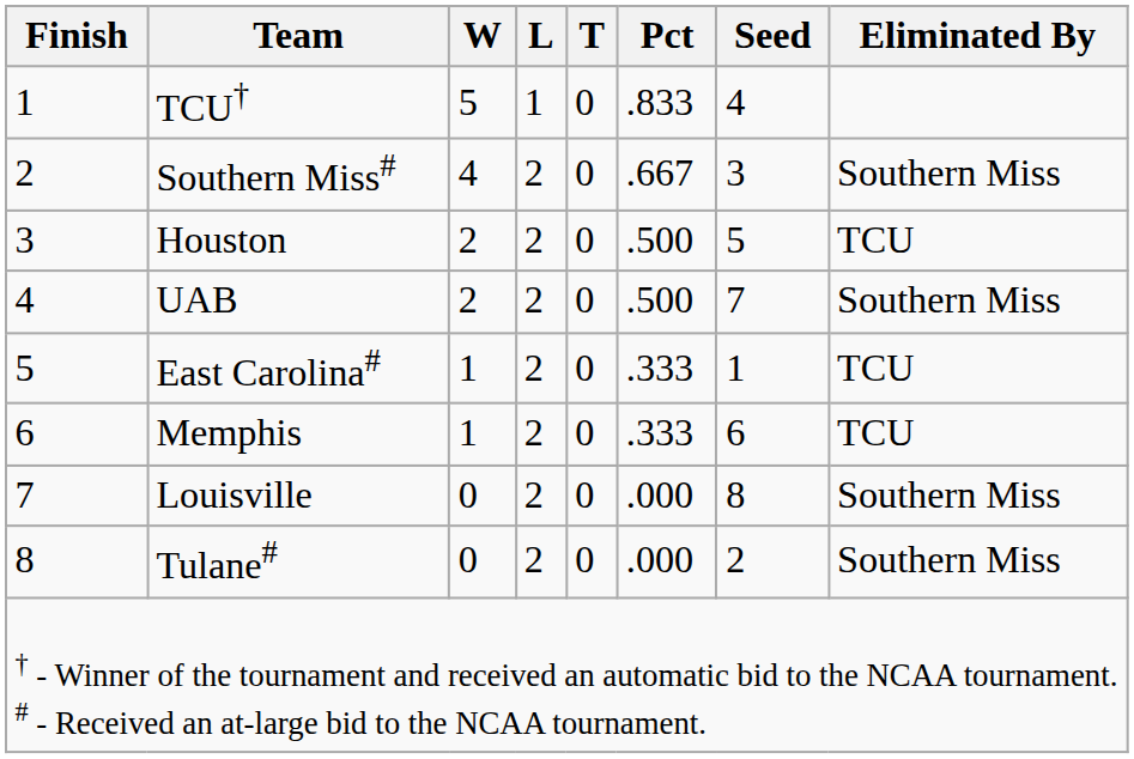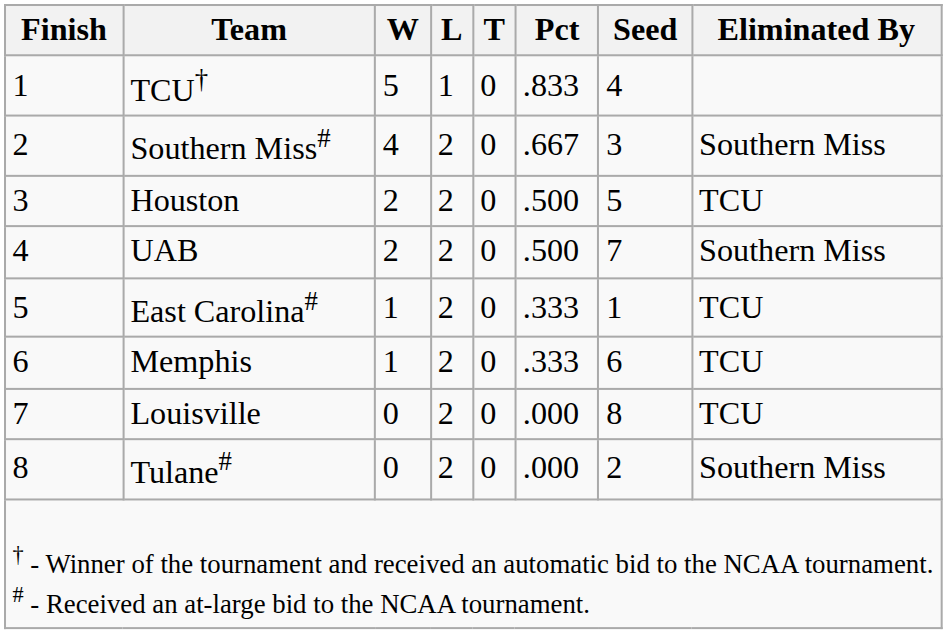 <table class="wikitable sortable">
 <tr>
 <th>Finish</th>
 <th>Team</th>
 <th>W</th>
 <th>L</th>
 <th>T</th>
 <th>Pct</th>
 <th>Seed</th>
 <th>Eliminated By</th>
 </tr>
 <tr>
 <td>1</td>
 <td>TCU<sup>†</sup></td>
 <td>5</td>
 <td>1</td>
 <td>0</td>
 <td>.833</td>
 <td>4</td>
 <td></td>
 </tr>
 <tr>
 <td>2</td>
 <td>Southern Miss<sup>#</sup></td>
 <td>4</td>
 <td>2</td>
 <td>0</td>
 <td>.667</td>
 <td>3</td>
 <td>Southern Miss</td>
 </tr>
 <tr>
 <td>3</td>
 <td>Houston</td>
 <td>2</td>
 <td>2</td>
 <td>0</td>
 <td>.500</td>
 <td>5</td>
 <td>TCU</td>
 </tr>
 <tr>
 <td>4</td>
 <td>UAB</td>
 <td>2</td>
 <td>2</td>
 <td>0</td>
 <td>.500</td>
 <td>7</td>
 <td>Southern Miss</td>
 </tr>
 <tr>
 <td>5</td>
 <td>East Carolina<sup>#</sup></td>
 <td>1</td>
 <td>2</td>
 <td>0</td>
 <td>.333</td>
 <td>1</td>
 <td>TCU</td>
 </tr>
 <tr>
 <td>6</td>
 <td>Memphis</td>
 <td>1</td>
 <td>2</td>
 <td>0</td>
 <td>.333</td>
 <td>6</td>
 <td>TCU</td>
 </tr>
 <tr>
 <td>7</td>
 <td>Louisville</td>
 <td>0</td>
 <td>2</td>
 <td>0</td>
 <td>.000</td>
 <td>8</td>
-<td>Southern Miss</td>
+<td>TCU</td>
 </tr>
 <tr>
 <td>8</td>
 <td>Tulane<sup>#</sup></td>
 <td>0</td>
 <td>2</td>
 <td>0</td>
 <td>.000</td>
 <td>2</td>
 <td>Southern Miss</td>
 </tr>
 <tr>
 <td colspan=8><br><small><sup>†</sup> - Winner of the tournament and received an automatic bid to the NCAA tournament.<br> <sup>#</sup> - Received an at-large bid to the NCAA tournament.</small></td>
 </tr>
 </table>
